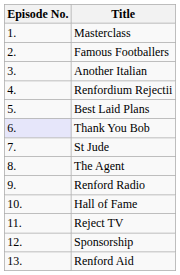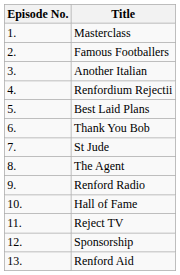 <table class="wikitable" border="1">
 <tr>
 <th>Episode No.</th>
 <th>Title</th>
 </tr>
 <tr>
 <td>1.</td>
 <td>Masterclass</td>
 </tr>
 <tr>
 <td>2.</td>
 <td>Famous Footballers</td>
 </tr>
 <tr>
 <td>3.</td>
 <td>Another Italian</td>
 </tr>
 <tr>
 <td>4.</td>
 <td>Renfordium Rejectii</td>
 </tr>
 <tr>
 <td>5.</td>
 <td>Best Laid Plans</td>
 </tr>
 <tr>
-<td style="background: lavender;">6.</td>
+<td>6.</td>
 <td>Thank You Bob</td>
 </tr>
 <tr>
 <td>7.</td>
 <td>St Jude</td>
 </tr>
 <tr>
 <td>8.</td>
 <td>The Agent</td>
 </tr>
 <tr>
 <td>9.</td>
 <td>Renford Radio</td>
 </tr>
 <tr>
 <td>10.</td>
 <td>Hall of Fame</td>
 </tr>
 <tr>
 <td>11.</td>
 <td>Reject TV</td>
 </tr>
 <tr>
 <td>12.</td>
 <td>Sponsorship</td>
 </tr>
 <tr>
 <td>13.</td>
 <td>Renford Aid</td>
 </tr>
 </table>
